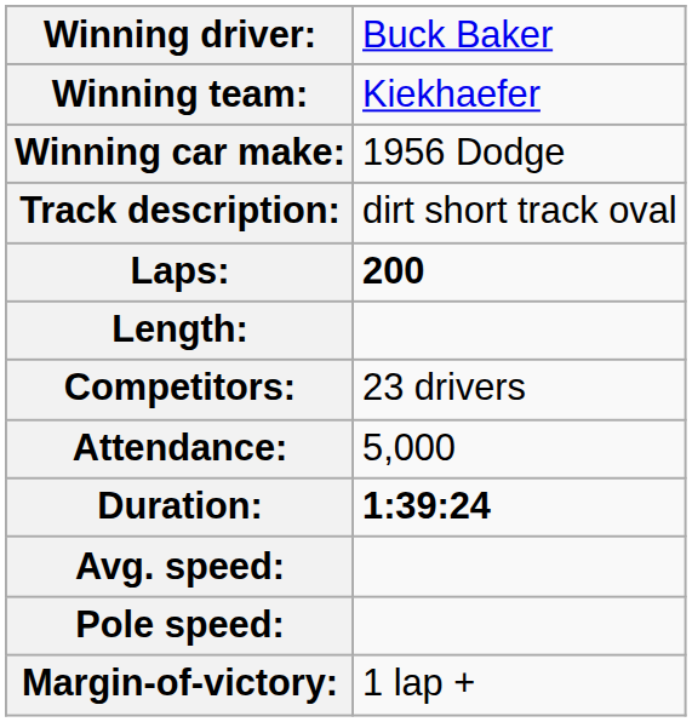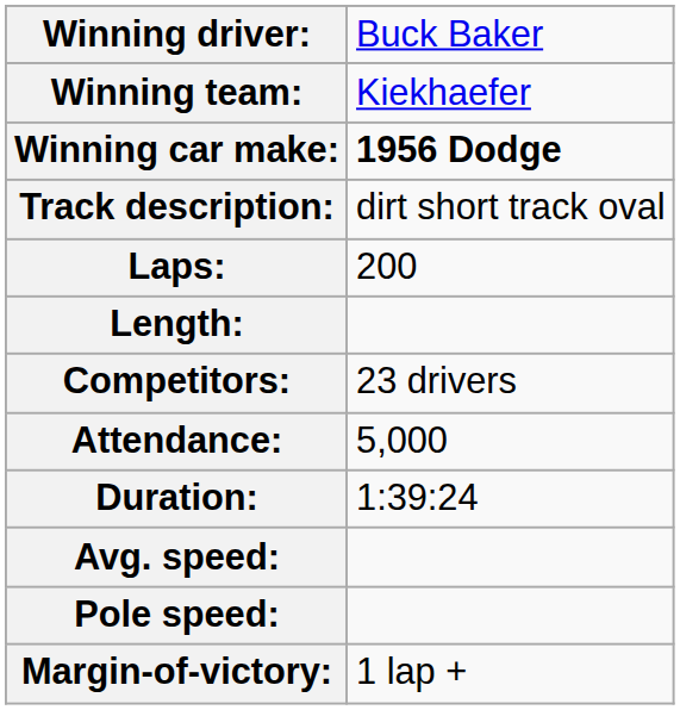 <table class="wikitable" style=text-align:left>
 <tr>
 <th>Winning driver:</th>
 <td><a href='#'>Buck Baker</a></td>
 </tr>
 <tr>
 <th>Winning team:</th>
 <td><a href='#'>Kiekhaefer</a></td>
 </tr>
 <tr>
 <th>Winning car make:</th>
-<td>1956 Dodge</td>
+<td><strong>1956 Dodge</strong></td>
 </tr>
 <tr>
 <th>Track description:</th>
 <td> dirt short track oval</td>
 </tr>
 <tr>
 <th>Laps:</th>
-<td><strong>200</strong></td>
+<td>200</td>
 </tr>
 <tr>
 <th>Length:</th>
 <td></td>
 </tr>
 <tr>
 <th>Competitors:</th>
 <td>23 drivers</td>
 </tr>
 <tr>
 <th>Attendance:</th>
 <td>5,000</td>
 </tr>
 <tr>
 <th>Duration:</th>
-<td><strong>1:39:24</strong></td>
+<td>1:39:24</td>
 </tr>
 <tr>
 <th>Avg. speed:</th>
 <td></td>
 </tr>
 <tr>
 <th>Pole speed:</th>
 <td></td>
 </tr>
 <tr>
 <th>Margin-of-victory:</th>
 <td>1 lap +</td>
 </tr>
 </table>
